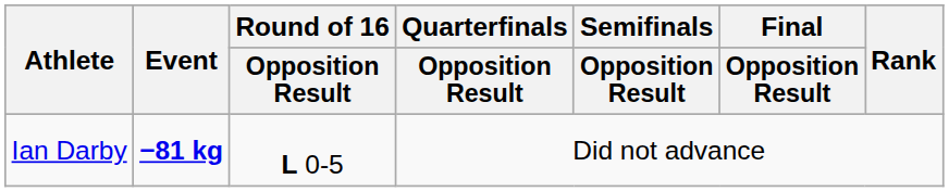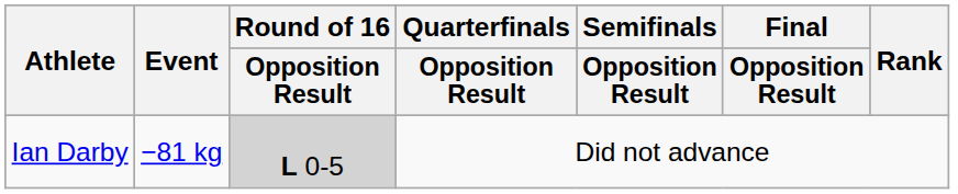 <table class="wikitable" style="font-size:90%;">
 <tr>
 <th rowspan=2>Athlete</th>
 <th rowspan=2>Event</th>
 <th>Round of 16</th>
 <th>Quarterfinals</th>
 <th>Semifinals</th>
 <th>Final</th>
 <th rowspan=2>Rank</th>
 </tr>
 <tr style="font-size:95%">
 <th>Opposition<br>Result</th>
 <th>Opposition<br>Result</th>
 <th>Opposition<br>Result</th>
 <th>Opposition<br>Result</th>
 </tr>
 <tr align=center>
 <td align=left><a href='#'>Ian Darby</a></td>
-<td align=left><strong><a href='#'>−81 kg</a></strong></td>
-<td><br><strong>L</strong> 0-5</td>
+<td align=left><a href='#'>−81 kg</a></td>
+<td style="background: lightgrey;"><br><strong>L</strong> 0-5</td>
 <td Colspan=4>Did not advance</td>
 </tr>
 </table>
